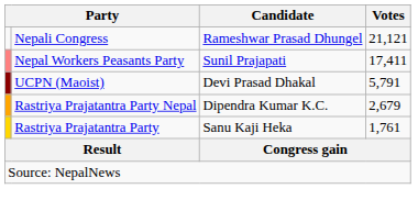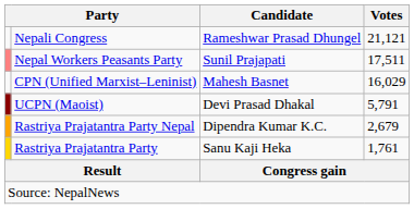 <table class="wikitable">
 <tr>
 <th colspan="2">Party</th>
 <th>Candidate</th>
 <th>Votes</th>
 </tr>
 <tr>
 <td style="background-color:"></td>
 <td><a href='#'>Nepali Congress</a></td>
 <td><a href='#'>Rameshwar Prasad Dhungel</a></td>
 <td>21,121</td>
 </tr>
 <tr>
 <td style="background-color:#FF8080"></td>
 <td><a href='#'>Nepal Workers Peasants Party</a></td>
 <td><a href='#'>Sunil Prajapati</a></td>
-<td>17,411</td>
+<td>17,511</td>
+</tr>
+<tr>
+<td style="background-color:"></td>
+<td><a href='#'>CPN (Unified Marxist–Leninist)</a></td>
+<td><a href='#'>Mahesh Basnet</a></td>
+<td>16,029</td>
 </tr>
 <tr>
 <td style="background-color:darkred"></td>
 <td><a href='#'>UCPN (Maoist)</a></td>
 <td>Devi Prasad Dhakal</td>
 <td>5,791</td>
 </tr>
 <tr>
 <td style="background-color:orange"></td>
 <td><a href='#'>Rastriya Prajatantra Party Nepal</a></td>
 <td>Dipendra Kumar K.C.</td>
 <td>2,679</td>
 </tr>
 <tr>
 <td style="background-color:gold"></td>
 <td><a href='#'>Rastriya Prajatantra Party</a></td>
 <td>Sanu Kaji Heka</td>
 <td>1,761</td>
 </tr>
 <tr>
 <th colspan="2">Result</th>
 <th colspan="2">Congress gain</th>
 </tr>
 <tr>
 <td colspan="4">Source: NepalNews</td>
 </tr>
 </table>
